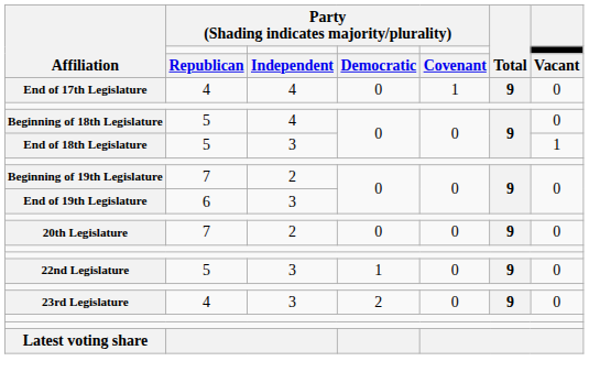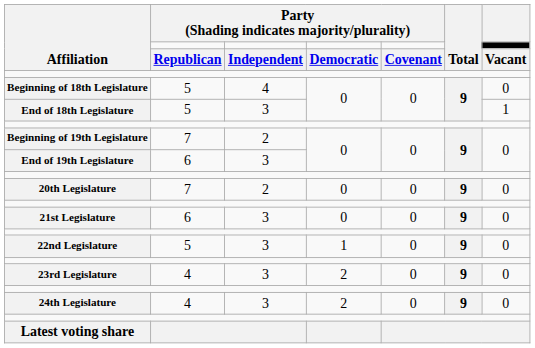 <table class=wikitable style="text-align:center">
 <tr style="vertical-align:bottom;">
 <th rowspan=3>Affiliation</th>
 <th colspan=4>Party <div>(Shading indicates majority/plurality)</div></th>
 <th rowspan=3>Total</th>
 <th></th>
 </tr>
 <tr style="height:5px">
 <td style="background-color:"></td>
 <td style="background-color:"></td>
 <td style="background-color:"></td>
 <td style="background-color:"></td>
 <td style="background: black"></td>
 </tr>
 <tr>
 <th><a href='#'>Republican</a></th>
 <th><a href='#'>Independent</a></th>
 <th><a href='#'>Democratic</a></th>
 <th><a href='#'>Covenant</a></th>
 <th>Vacant</th>
-</tr>
-<tr>
-<th nowrap style="font-size:80%">End of 17th Legislature</th>
-<td>4</td>
-<td>4</td>
-<td>0</td>
-<td>1</td>
-<th>9</th>
-<td>0</td>
 </tr>
 <tr>
 <td colspan=7></td>
 </tr>
 <tr>
 <th nowrap style="font-size:80%">Beginning of 18th Legislature</th>
 <td>5</td>
 <td>4</td>
 <td rowspan=2>0</td>
 <td rowspan=2>0</td>
 <th rowspan=2>9</th>
 <td>0</td>
 </tr>
 <tr>
 <th nowrap style="font-size:80%">End of 18th Legislature</th>
 <td>5</td>
 <td>3</td>
 <td>1</td>
 </tr>
 <tr>
 <td colspan=7></td>
 </tr>
 <tr>
 <th nowrap style="font-size:80%">Beginning of 19th Legislature</th>
 <td>7</td>
 <td>2</td>
 <td rowspan=2>0</td>
 <td rowspan=2>0</td>
 <th rowspan=2>9</th>
 <td rowspan=2>0</td>
 </tr>
 <tr>
 <th nowrap style="font-size:80%">End of 19th Legislature</th>
 <td>6</td>
 <td>3</td>
 </tr>
 <tr>
 <td colspan=7></td>
 </tr>
 <tr>
 <th nowrap style="font-size:80%">20th Legislature</th>
 <td>7</td>
 <td>2</td>
 <td>0</td>
 <td>0</td>
 <th>9</th>
 <td>0</td>
 </tr>
 <tr>
 <td colspan=7></td>
 </tr>
 <tr>
+<th nowrap style="font-size:80%">21st Legislature</th>
+<td>6</td>
+<td>3</td>
+<td>0</td>
+<td>0</td>
+<th>9</th>
+<td>0</td>
+</tr>
+<tr>
 <td colspan=7></td>
 </tr>
 <tr>
 <th nowrap style="font-size:80%">22nd Legislature</th>
 <td>5</td>
 <td>3</td>
 <td>1</td>
 <td>0</td>
 <th>9</th>
 <td>0</td>
 </tr>
 <tr>
 <td colspan=7></td>
 </tr>
 <tr>
 <th nowrap style="font-size:80%">23rd Legislature</th>
 <td>4</td>
 <td>3</td>
 <td>2</td>
 <td>0</td>
 <th>9</th>
 <td>0</td>
 </tr>
 <tr>
 <td colspan=7></td>
 </tr>
 <tr>
+<th nowrap style="font-size:80%">24th Legislature</th>
+<td>4</td>
+<td>3</td>
+<td>2</td>
+<td>0</td>
+<th>9</th>
+<td>0</td>
+</tr>
+<tr>
 <td colspan=7></td>
 </tr>
 <tr>
 <th>Latest voting share</th>
 <th colspan=2 ></th>
 <th></th>
 <th colspan=3></th>
 </tr>
 </table>
